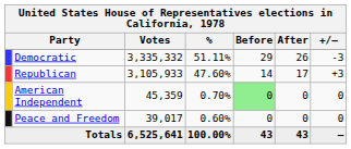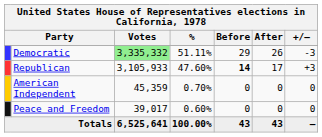 <table class="wikitable" style="font-size: 95%;">
 <tr>
 <th colspan="7">United States House of Representatives elections in California, 1978</th>
 </tr>
 <tr>
 <th colspan=2 style="width: 5em">Party</th>
 <th style="width: 5em">Votes</th>
 <th style="width: 3em">%</th>
 <th style="width: 3em">Before</th>
 <th style="width: 3em">After</th>
 <th style="width: 3em">+/–</th>
 </tr>
 <tr>
 </tr>
 <tr>
 <th style="background-color:#3333FF; width: 3px"></th>
 <td style="width: 130px"><a href='#'>Democratic</a></td>
-<td align="right">3,335,332</td>
+<td align="right" style="background: lightgreen;">3,335,332</td>
 <td align="right">51.11%</td>
 <td align="right">29</td>
 <td align="right">26</td>
 <td align="right">-3</td>
 </tr>
 <tr>
 <th style="background-color:#FF3333; width: 3px"></th>
 <td style="width: 130px"><a href='#'>Republican</a></td>
 <td align="right">3,105,933</td>
 <td align="right">47.60%</td>
-<td align="right">14</td>
+<td align="right"><strong>14</strong></td>
 <td align="right">17</td>
 <td align="right">+3</td>
 </tr>
 <tr>
 <th style="background-color:#FFCC00; width: 3px"></th>
 <td style="width: 130px"><a href='#'>American Independent</a></td>
 <td align="right">45,359</td>
 <td align="right">0.70%</td>
-<td align="right" style="background: lightgreen;">0</td>
+<td align="right">0</td>
 <td align="right">0</td>
 <td align="right">0</td>
 </tr>
 <tr>
 <th style="background-color:#111111; width: 3px"></th>
 <td style="width: 130px"><a href='#'>Peace and Freedom</a></td>
 <td align="right">39,017</td>
 <td align="right">0.60%</td>
 <td align="right">0</td>
 <td align="right">0</td>
 <td align="right">0</td>
 </tr>
 <tr bgcolor="#EEEEEE">
 <td colspan="2" align="right"><strong>Totals</strong></td>
 <td align="right"><strong>6,525,641</strong></td>
 <td align="right"><strong>100.00%</strong></td>
 <td align="right"><strong>43</strong></td>
 <td align="right"><strong>43</strong></td>
 <td align="right"><strong>—</strong></td>
 </tr>
 </table>
